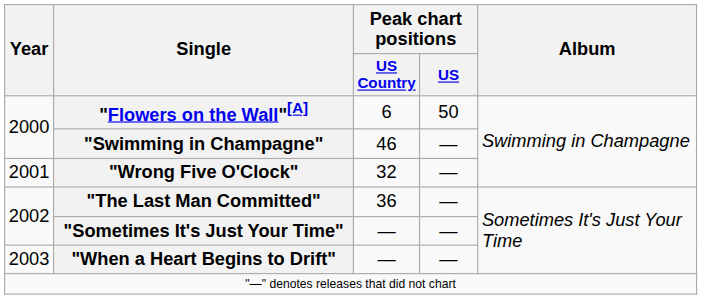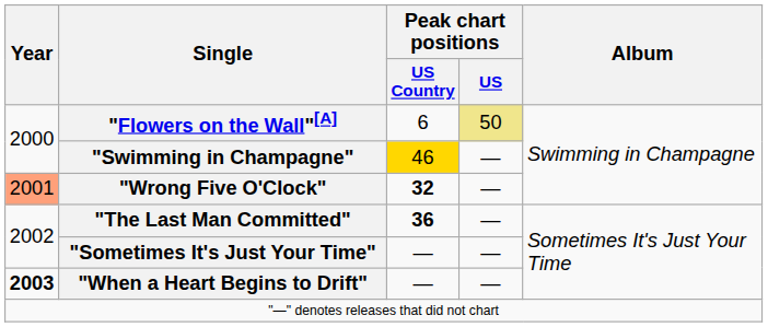 <table class="wikitable plainrowheaders" style="text-align:center;">
 <tr>
 <th rowspan="2">Year</th>
 <th rowspan="2" style="width:16em;">Single</th>
 <th colspan="2">Peak chart<br>positions</th>
 <th rowspan="2">Album</th>
 </tr>
 <tr style="font-size:smaller;">
 <th width="45"><a href='#'>US Country</a></th>
 <th width="45"><a href='#'>US</a></th>
 </tr>
 <tr>
 <td rowspan="2">2000</td>
 <th scope="row">"<a href='#'>Flowers on the Wall</a>"<sup><span></span><a href='#'><strong>[A]</strong></a></sup></th>
 <td>6</td>
-<td>50</td>
+<td style="background: khaki;">50</td>
 <td align="left" rowspan="3"><em>Swimming in Champagne</em></td>
 </tr>
 <tr>
 <th scope="row">"Swimming in Champagne"</th>
-<td>46</td>
+<td style="background: gold;">46</td>
 <td>—</td>
 </tr>
 <tr>
-<td>2001</td>
+<td style="background: lightsalmon;">2001</td>
 <th scope="row">"Wrong Five O'Clock"</th>
-<td>32</td>
+<td><strong>32</strong></td>
 <td>—</td>
 </tr>
 <tr>
 <td rowspan="2">2002</td>
 <th scope="row">"The Last Man Committed"</th>
-<td>36</td>
+<td><strong>36</strong></td>
 <td>—</td>
 <td align="left" rowspan="3"><em>Sometimes It's Just Your Time</em></td>
 </tr>
 <tr>
 <th scope="row">"Sometimes It's Just Your Time"</th>
 <td>—</td>
 <td>—</td>
 </tr>
 <tr>
-<td>2003</td>
+<td><strong>2003</strong></td>
 <th scope="row">"When a Heart Begins to Drift"</th>
 <td>—</td>
 <td>—</td>
 </tr>
 <tr>
 <td colspan="5" style="font-size:8pt">"—" denotes releases that did not chart</td>
 </tr>
 </table>
